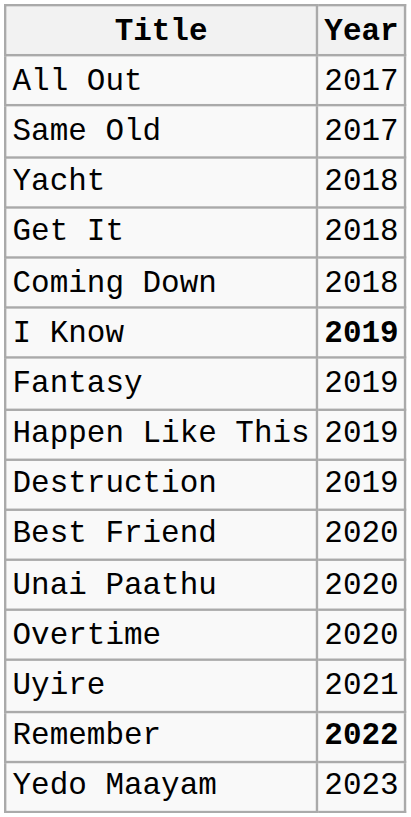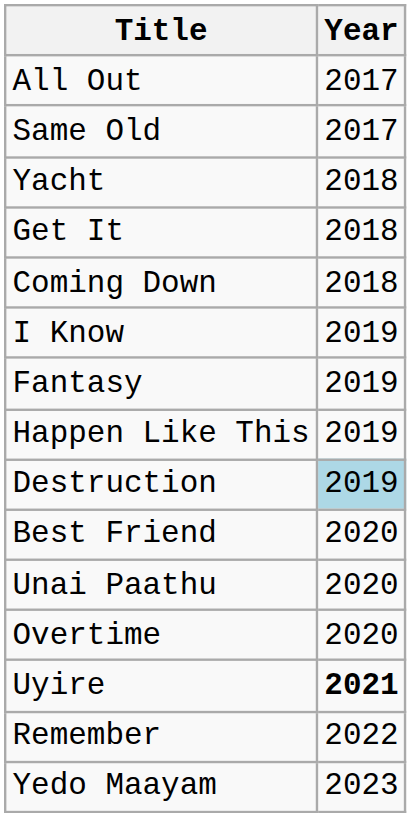 <table class="wikitable">
 <tr>
 <th>Title</th>
 <th>Year</th>
 </tr>
 <tr>
 <td>All Out</td>
 <td>2017</td>
 </tr>
 <tr>
 <td>Same Old</td>
 <td>2017</td>
 </tr>
 <tr>
 <td>Yacht</td>
 <td>2018</td>
 </tr>
 <tr>
 <td>Get It</td>
 <td>2018</td>
 </tr>
 <tr>
 <td>Coming Down</td>
 <td>2018</td>
 </tr>
 <tr>
 <td>I Know</td>
-<td><strong>2019</strong></td>
+<td>2019</td>
 </tr>
 <tr>
 <td>Fantasy</td>
 <td>2019</td>
 </tr>
 <tr>
 <td>Happen Like This</td>
 <td>2019</td>
 </tr>
 <tr>
 <td>Destruction</td>
-<td>2019</td>
+<td style="background: lightblue;">2019</td>
 </tr>
 <tr>
 <td>Best Friend</td>
 <td>2020</td>
 </tr>
 <tr>
 <td>Unai Paathu</td>
 <td>2020</td>
 </tr>
 <tr>
 <td>Overtime</td>
 <td>2020</td>
 </tr>
 <tr>
 <td>Uyire</td>
-<td>2021</td>
+<td><strong>2021</strong></td>
 </tr>
 <tr>
 <td>Remember</td>
-<td><strong>2022</strong></td>
+<td>2022</td>
 </tr>
 <tr>
 <td>Yedo Maayam</td>
 <td>2023</td>
 </tr>
 </table>
